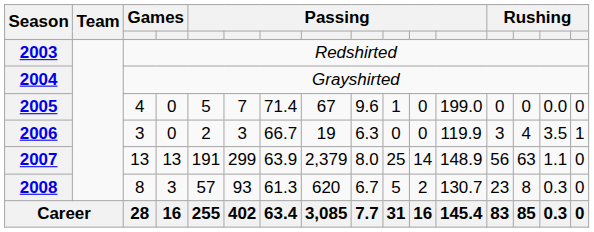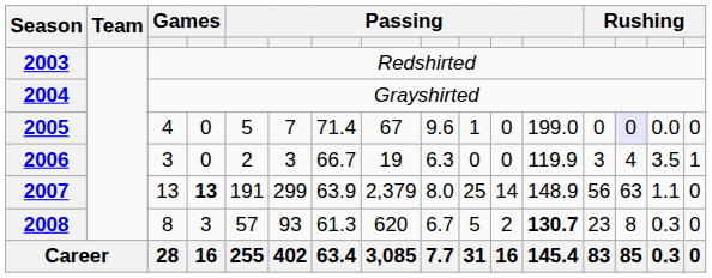 <table class="wikitable" style="text-align: center;">
 <tr>
 <th rowspan="2">Season</th>
 <th rowspan="2">Team</th>
 <th colspan="2">Games</th>
 <th colspan="8">Passing</th>
 <th colspan="4">Rushing</th>
 </tr>
 <tr>
 <th></th>
 <th></th>
 <th></th>
 <th></th>
 <th></th>
 <th></th>
 <th></th>
 <th></th>
 <th></th>
 <th></th>
 <th></th>
 <th></th>
 <th></th>
 <th></th>
 </tr>
 <tr>
 <th><a href='#'>2003</a></th>
 <td rowspan="6" style=></td>
 <td colspan="15"> <em>Redshirted</em></td>
 </tr>
 <tr>
 <th><a href='#'>2004</a></th>
 <td colspan="15"><em>Grayshirted</em></td>
 </tr>
 <tr>
 <th><a href='#'>2005</a></th>
 <td>4</td>
 <td>0</td>
 <td>5</td>
 <td>7</td>
 <td>71.4</td>
 <td>67</td>
 <td>9.6</td>
 <td>1</td>
 <td>0</td>
 <td>199.0</td>
 <td>0</td>
-<td>0</td>
+<td style="background: lavender;">0</td>
 <td>0.0</td>
 <td>0</td>
 </tr>
 <tr>
 <th><a href='#'>2006</a></th>
 <td>3</td>
 <td>0</td>
 <td>2</td>
 <td>3</td>
 <td>66.7</td>
 <td>19</td>
 <td>6.3</td>
 <td>0</td>
 <td>0</td>
 <td>119.9</td>
 <td>3</td>
 <td>4</td>
 <td>3.5</td>
 <td>1</td>
 </tr>
 <tr>
 <th><a href='#'>2007</a></th>
 <td>13</td>
-<td>13</td>
+<td><strong>13</strong></td>
 <td>191</td>
 <td>299</td>
 <td>63.9</td>
 <td>2,379</td>
 <td>8.0</td>
 <td>25</td>
 <td>14</td>
 <td>148.9</td>
 <td>56</td>
 <td>63</td>
 <td>1.1</td>
 <td>0</td>
 </tr>
 <tr>
 <th><a href='#'>2008</a></th>
 <td>8</td>
 <td>3</td>
 <td>57</td>
 <td>93</td>
 <td>61.3</td>
 <td>620</td>
 <td>6.7</td>
 <td>5</td>
 <td>2</td>
-<td>130.7</td>
+<td><strong>130.7</strong></td>
 <td>23</td>
 <td>8</td>
 <td>0.3</td>
 <td>0</td>
 </tr>
 <tr>
 <th colspan="2">Career</th>
 <th>28</th>
 <th>16</th>
 <th>255</th>
 <th>402</th>
 <th>63.4</th>
 <th>3,085</th>
 <th>7.7</th>
 <th>31</th>
 <th>16</th>
 <th>145.4</th>
 <th>83</th>
 <th>85</th>
 <th>0.3</th>
 <th>0</th>
 </tr>
 </table>
